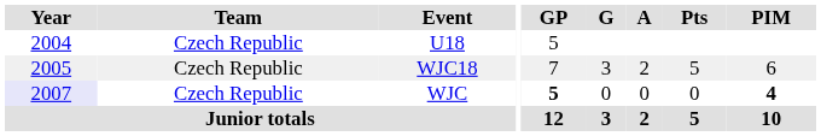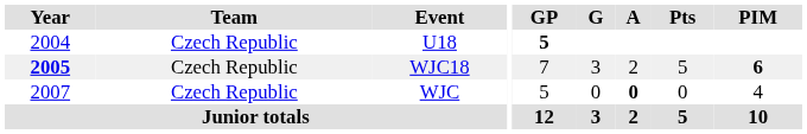 <table border="0" cellpadding="1" cellspacing="0" ID="Table3" style="text-align:center; width:40em">
 <tr ALIGN="center" bgcolor="#e0e0e0">
 <th>Year</th>
 <th>Team</th>
 <th>Event</th>
 <th rowspan="99" bgcolor="#ffffff"></th>
 <th>GP</th>
 <th>G</th>
 <th>A</th>
 <th>Pts</th>
 <th>PIM</th>
 </tr>
 <tr>
 <td><a href='#'>2004</a></td>
 <td><a href='#'>Czech Republic</a></td>
 <td><a href='#'>U18</a></td>
-<td>5</td>
+<td><strong>5</strong></td>
 <td></td>
 <td></td>
 <td></td>
 <td></td>
 </tr>
 <tr bgcolor="#f0f0f0">
-<td><a href='#'>2005</a></td>
+<td><strong><a href='#'>2005</a></strong></td>
 <td>Czech Republic</td>
 <td><a href='#'>WJC18</a></td>
 <td>7</td>
 <td>3</td>
 <td>2</td>
 <td>5</td>
-<td>6</td>
+<td><strong>6</strong></td>
 </tr>
 <tr>
-<td style="background: lavender;"><a href='#'>2007</a></td>
+<td><a href='#'>2007</a></td>
 <td><a href='#'>Czech Republic</a></td>
 <td><a href='#'>WJC</a></td>
-<td><strong>5</strong></td>
+<td>5</td>
 <td>0</td>
+<td><strong>0</strong></td>
 <td>0</td>
-<td>0</td>
-<td><strong>4</strong></td>
+<td>4</td>
 </tr>
 <tr bgcolor="#e0e0e0">
 <th colspan="3">Junior totals</th>
 <th>12</th>
 <th>3</th>
 <th>2</th>
 <th>5</th>
 <th>10</th>
 </tr>
 </table>
